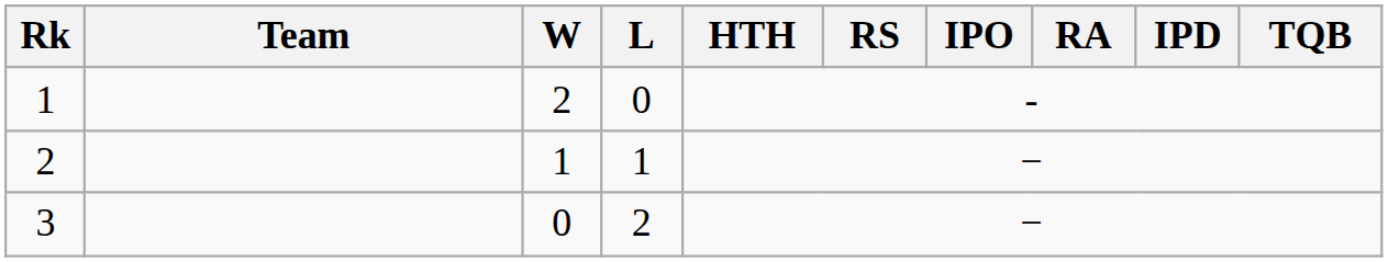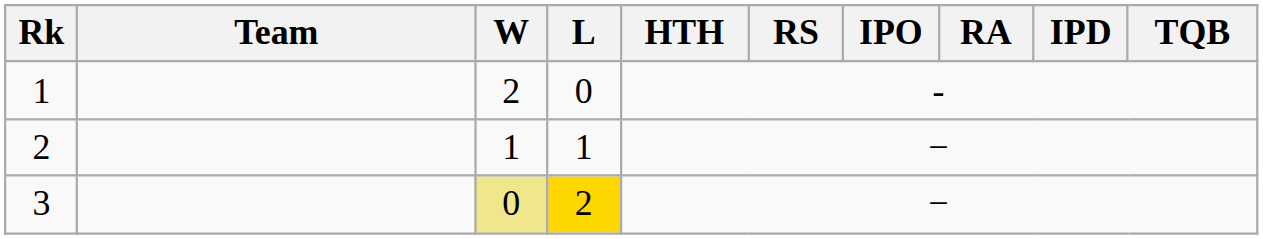 <table class="wikitable" style="text-align:center">
 <tr>
 <th width="25">Rk</th>
 <th width="170">Team</th>
 <th width="25">W</th>
 <th width="25">L</th>
 <th width="50">HTH</th>
 <th width="35">RS</th>
 <th width="35">IPO</th>
 <th width="35">RA</th>
 <th width="35">IPD</th>
 <th width="50">TQB</th>
 </tr>
 <tr>
 <td>1</td>
 <td style="text-align:left;"></td>
 <td>2</td>
 <td>0</td>
 <td colspan="6" style="text-align: center;">-</td>
 </tr>
 <tr>
 <td>2</td>
 <td style="text-align:left;"></td>
 <td>1</td>
 <td>1</td>
 <td colspan="6" style="text-align: center;">−</td>
 </tr>
 <tr>
 <td>3</td>
 <td style="text-align:left;"></td>
-<td>0</td>
-<td>2</td>
+<td style="background: khaki;">0</td>
+<td style="background: gold;">2</td>
 <td colspan="6" style="text-align: center;">−</td>
 </tr>
 </table>
